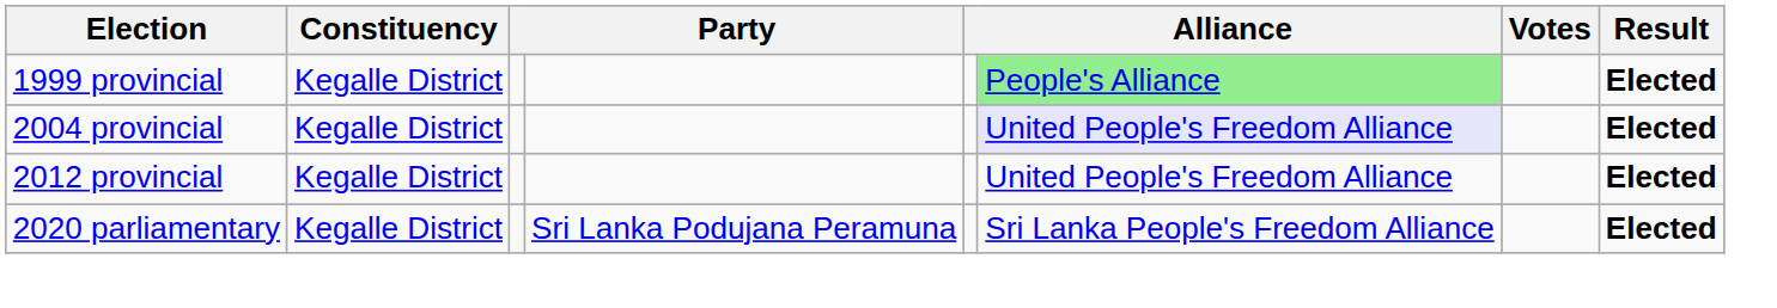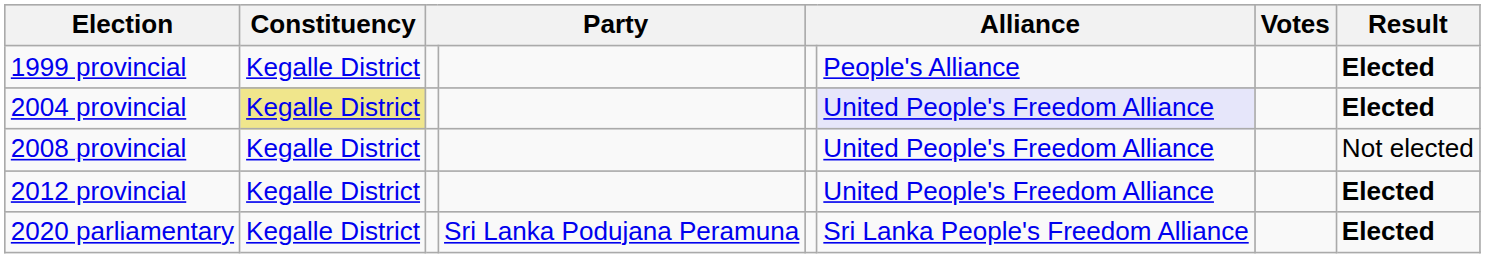 <table class="wikitable" style="text-align:left;">
 <tr>
 <th scope=col>Election</th>
 <th scope=col>Constituency</th>
 <th scope=col colspan="2">Party</th>
 <th scope=col colspan="2">Alliance</th>
 <th scope=col>Votes</th>
 <th scope=col>Result</th>
 </tr>
 <tr>
 <td><a href='#'>1999 provincial</a></td>
 <td><a href='#'>Kegalle District</a></td>
 <td></td>
 <td></td>
 <td style="background:"></td>
-<td style="background: lightgreen;"><a href='#'>People's Alliance</a></td>
+<td><a href='#'>People's Alliance</a></td>
 <td align=right></td>
 <td><strong>Elected</strong></td>
 </tr>
 <tr>
 <td><a href='#'>2004 provincial</a></td>
-<td><a href='#'>Kegalle District</a></td>
+<td style="background: khaki;"><a href='#'>Kegalle District</a></td>
 <td></td>
 <td></td>
 <td style="background:"></td>
 <td style="background: lavender;"><a href='#'>United People's Freedom Alliance</a></td>
 <td align=right></td>
 <td><strong>Elected</strong></td>
+</tr>
+<tr>
+<td><a href='#'>2008 provincial</a></td>
+<td><a href='#'>Kegalle District</a></td>
+<td></td>
+<td></td>
+<td style="background:"></td>
+<td><a href='#'>United People's Freedom Alliance</a></td>
+<td align=right></td>
+<td>Not elected</td>
 </tr>
 <tr>
 <td><a href='#'>2012 provincial</a></td>
 <td><a href='#'>Kegalle District</a></td>
 <td></td>
 <td></td>
 <td style="background:"></td>
 <td><a href='#'>United People's Freedom Alliance</a></td>
 <td align=right></td>
 <td><strong>Elected</strong></td>
 </tr>
 <tr>
 <td><a href='#'>2020 parliamentary</a></td>
 <td><a href='#'>Kegalle District</a></td>
 <td style="background:"></td>
 <td><a href='#'>Sri Lanka Podujana Peramuna</a></td>
 <td style="background:"></td>
 <td><a href='#'>Sri Lanka People's Freedom Alliance</a></td>
 <td align=right></td>
 <td><strong>Elected</strong></td>
 </tr>
 </table>
